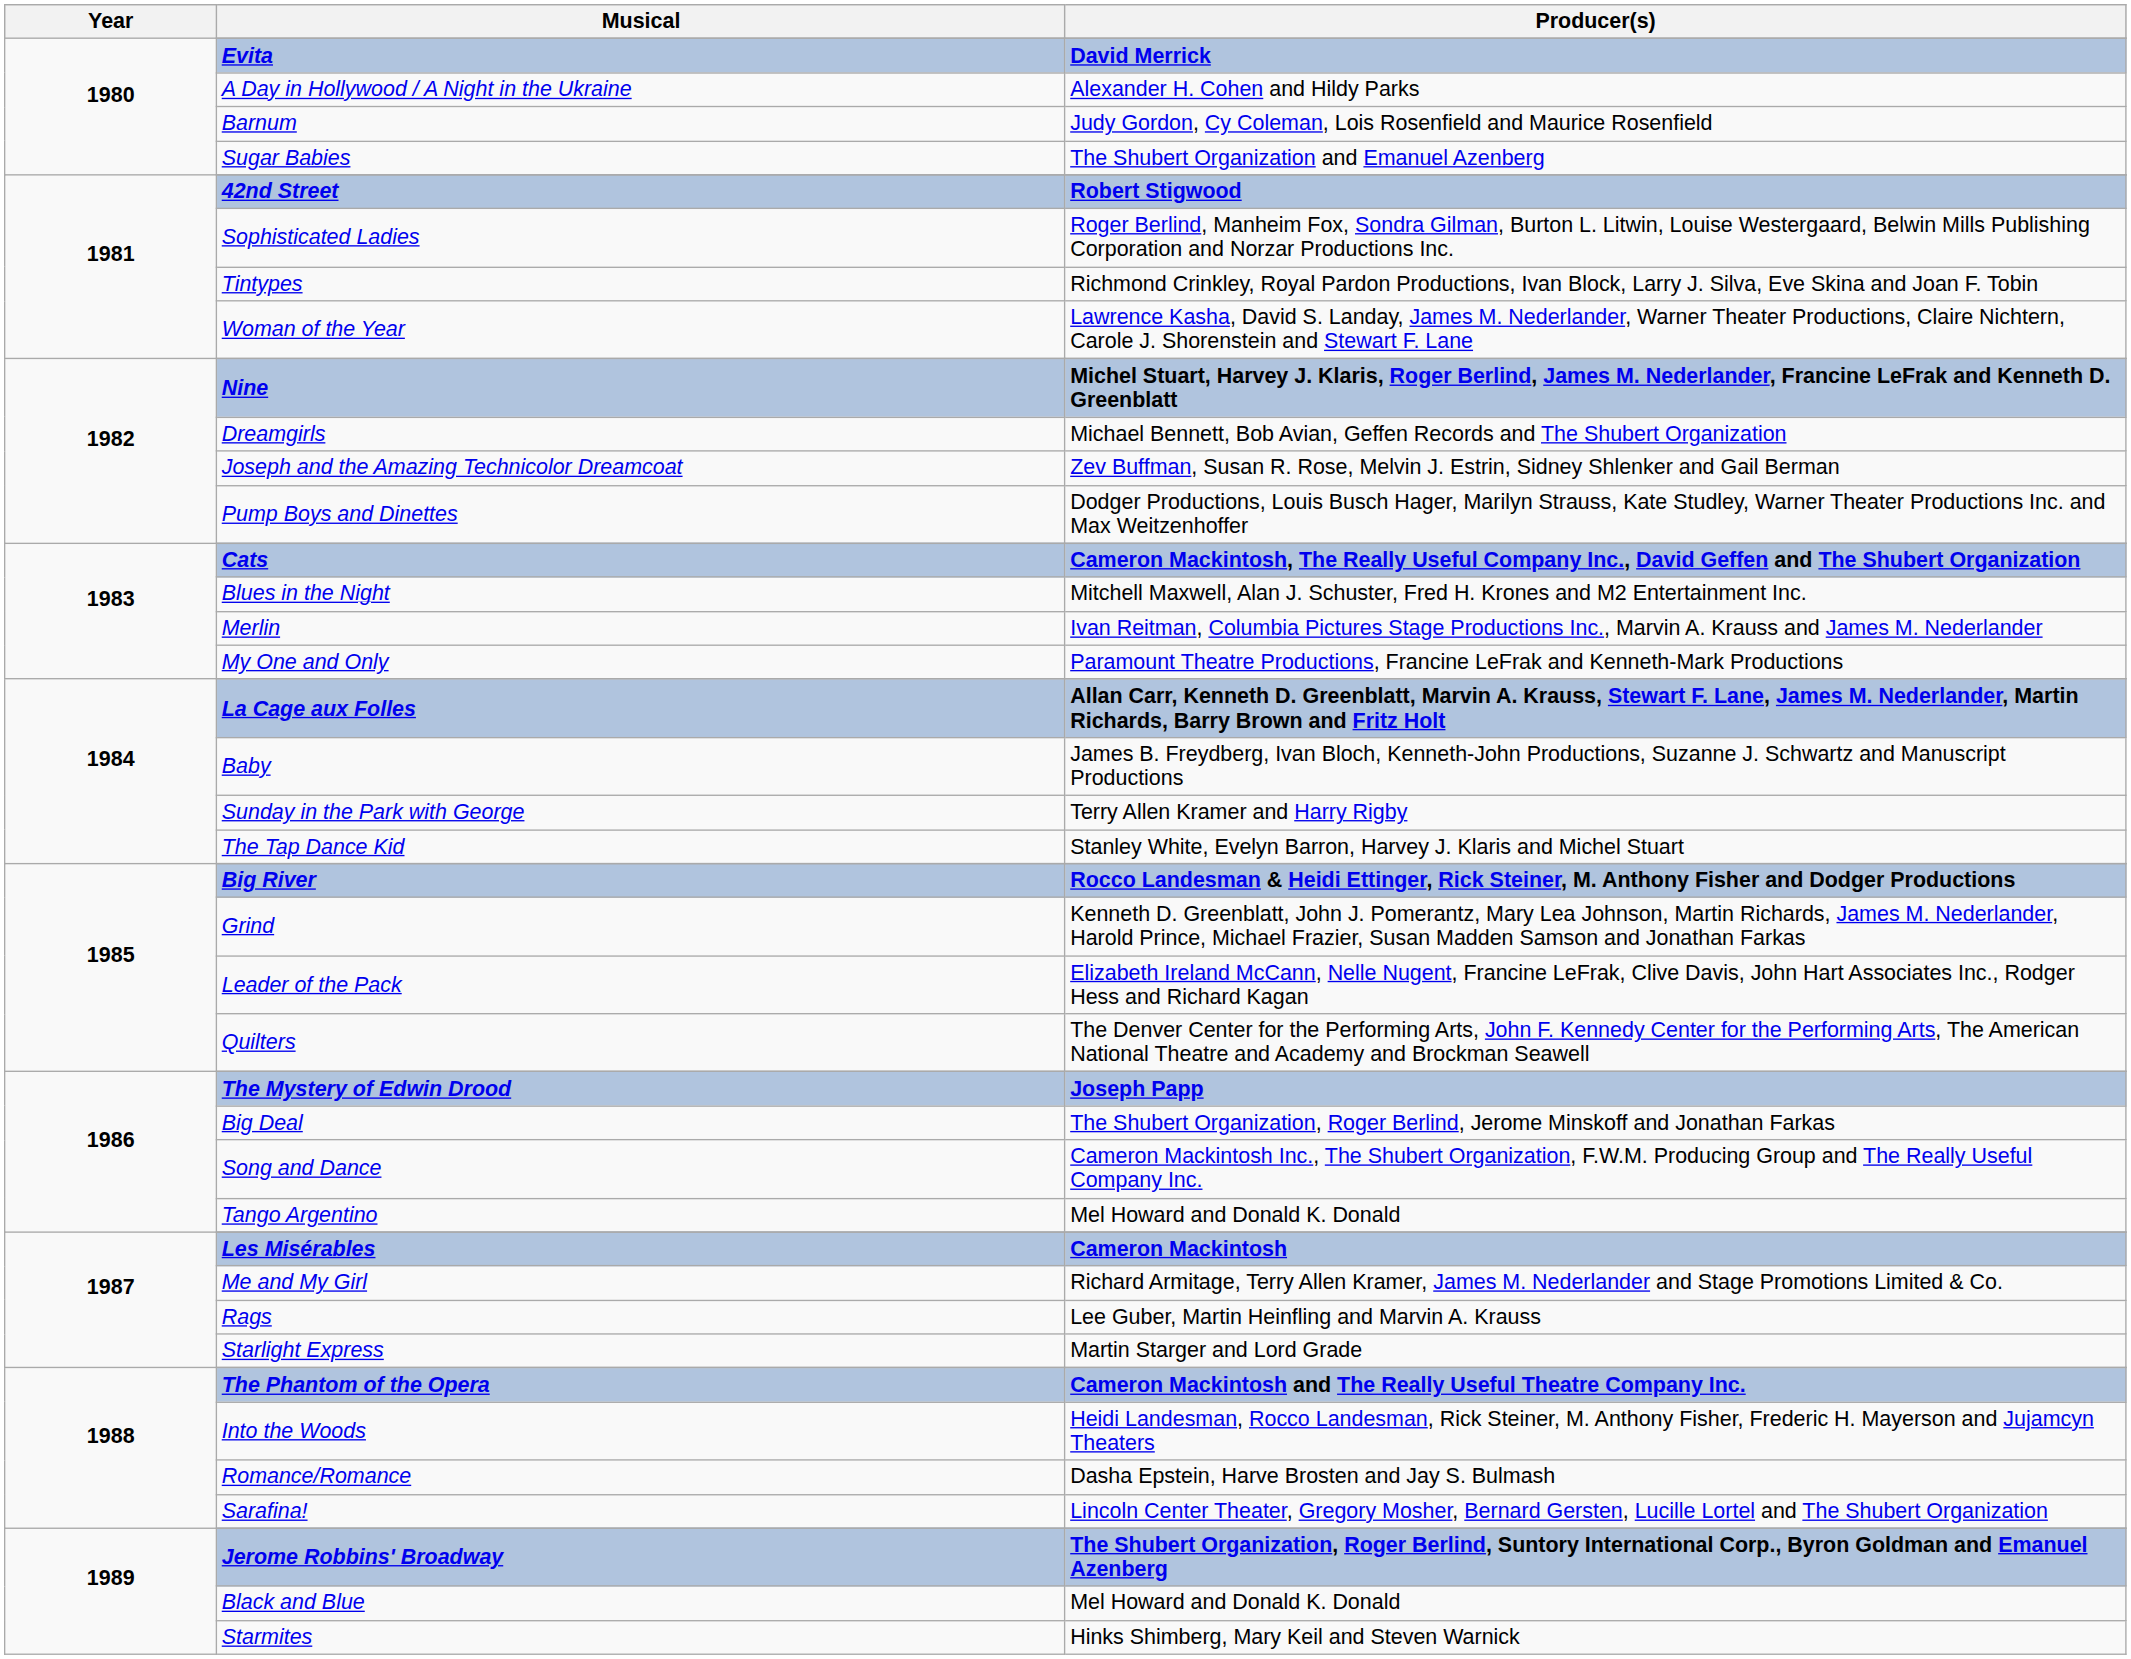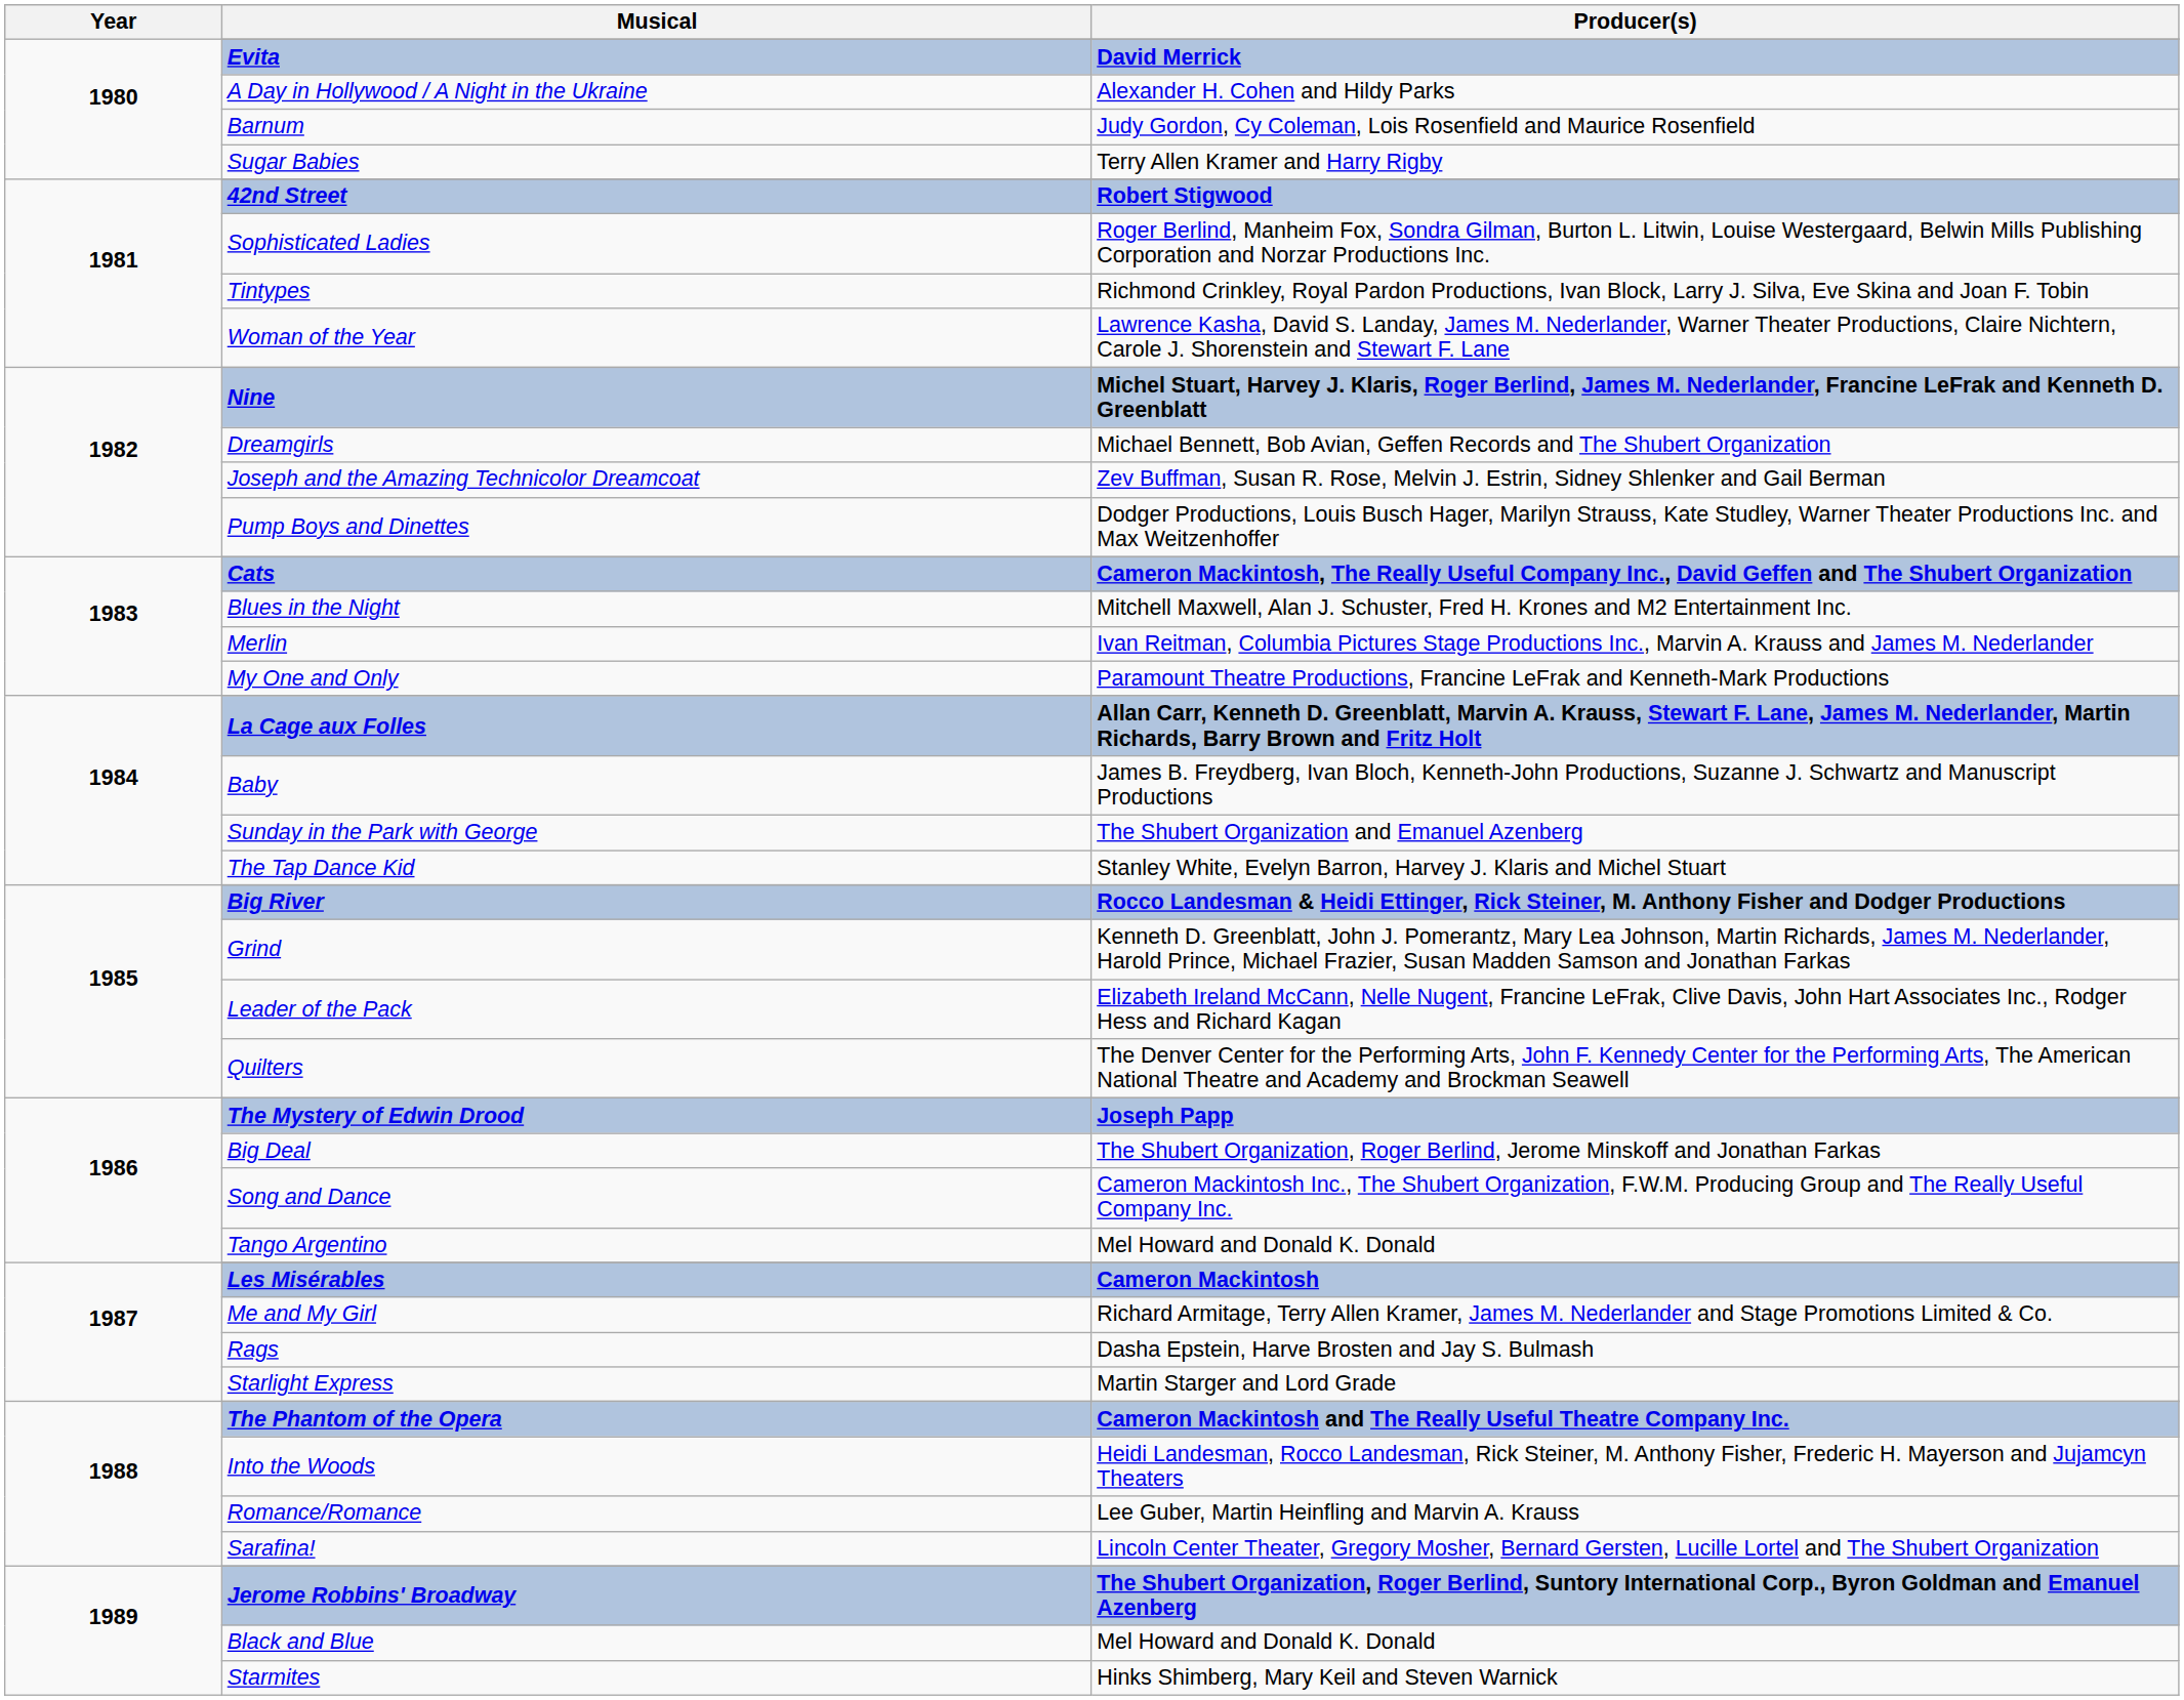 <table class="wikitable" style="width:100%;">
 <tr style="background:#bebebe;">
 <th style="width:10%;">Year</th>
 <th style="width:40%;">Musical</th>
 <th style="width:50%;">Producer(s)</th>
 </tr>
 <tr>
 <td rowspan="5" align="center"><strong>1980</strong><br><br></td>
 </tr>
 <tr style="background:#B0C4DE">
 <td><em><a href='#'><strong>Evita</strong></a></em><br><strong></strong></td>
 <td><strong><a href='#'>David Merrick</a></strong></td>
 </tr>
 <tr>
 <td><em><a href='#'>A Day in Hollywood / A Night in the Ukraine</a></em><br></td>
 <td><a href='#'>Alexander H. Cohen</a> and Hildy Parks</td>
 </tr>
 <tr>
 <td><em><a href='#'>Barnum</a></em><br></td>
 <td><a href='#'>Judy Gordon</a>, <a href='#'>Cy Coleman</a>, Lois Rosenfield and Maurice Rosenfield</td>
 </tr>
 <tr>
 <td><em><a href='#'>Sugar Babies</a></em><br></td>
-<td><a href='#'>The Shubert Organization</a> and <a href='#'>Emanuel Azenberg</a></td>
+<td>Terry Allen Kramer and <a href='#'>Harry Rigby</a></td>
 </tr>
 <tr>
 <td rowspan="5" align="center"><strong>1981</strong><br><br></td>
 </tr>
 <tr style="background:#B0C4DE">
 <td><em><a href='#'><strong>42nd Street</strong></a></em><br><strong></strong></td>
 <td><strong><a href='#'>Robert Stigwood</a></strong></td>
 </tr>
 <tr>
 <td><em><a href='#'>Sophisticated Ladies</a></em><br></td>
 <td><a href='#'>Roger Berlind</a>, Manheim Fox, <a href='#'>Sondra Gilman</a>, Burton L. Litwin, Louise Westergaard, Belwin Mills Publishing Corporation and Norzar Productions Inc.</td>
 </tr>
 <tr>
 <td><em><a href='#'>Tintypes</a></em><br></td>
 <td>Richmond Crinkley, Royal Pardon Productions, Ivan Block, Larry J. Silva, Eve Skina and Joan F. Tobin</td>
 </tr>
 <tr>
 <td><em><a href='#'>Woman of the Year</a></em><br></td>
 <td><a href='#'>Lawrence Kasha</a>, David S. Landay, <a href='#'>James M. Nederlander</a>, Warner Theater Productions, Claire Nichtern, Carole J. Shorenstein and <a href='#'>Stewart F. Lane</a></td>
 </tr>
 <tr>
 <td rowspan="5" align="center"><strong>1982</strong><br><br></td>
 </tr>
 <tr style="background:#B0C4DE">
 <td><em><a href='#'><strong>Nine</strong></a></em><br><strong></strong></td>
 <td><strong>Michel Stuart, Harvey J. Klaris, <a href='#'>Roger Berlind</a>, <a href='#'>James M. Nederlander</a>, Francine LeFrak and Kenneth D. Greenblatt</strong></td>
 </tr>
 <tr>
 <td><em><a href='#'>Dreamgirls</a></em><br></td>
 <td>Michael Bennett, Bob Avian, Geffen Records and <a href='#'>The Shubert Organization</a></td>
 </tr>
 <tr>
 <td><em><a href='#'>Joseph and the Amazing Technicolor Dreamcoat</a></em><br></td>
 <td><a href='#'>Zev Buffman</a>, Susan R. Rose, Melvin J. Estrin, Sidney Shlenker and Gail Berman</td>
 </tr>
 <tr>
 <td><em><a href='#'>Pump Boys and Dinettes</a></em><br></td>
 <td>Dodger Productions, Louis Busch Hager, Marilyn Strauss, Kate Studley, Warner Theater Productions Inc. and Max Weitzenhoffer</td>
 </tr>
 <tr>
 <td rowspan="5" align="center"><strong>1983</strong><br><br></td>
 </tr>
 <tr style="background:#B0C4DE">
 <td><em><a href='#'><strong>Cats</strong></a></em><br><strong></strong></td>
 <td><strong><a href='#'>Cameron Mackintosh</a>, <a href='#'>The Really Useful Company Inc.</a>, <a href='#'>David Geffen</a> and <a href='#'>The Shubert Organization</a></strong></td>
 </tr>
 <tr>
 <td><em><a href='#'>Blues in the Night</a></em><br></td>
 <td>Mitchell Maxwell, Alan J. Schuster, Fred H. Krones and M2 Entertainment Inc.</td>
 </tr>
 <tr>
 <td><em><a href='#'>Merlin</a></em><br></td>
 <td><a href='#'>Ivan Reitman</a>, <a href='#'>Columbia Pictures Stage Productions Inc.</a>, Marvin A. Krauss and <a href='#'>James M. Nederlander</a></td>
 </tr>
 <tr>
 <td><em><a href='#'>My One and Only</a></em><br></td>
 <td><a href='#'>Paramount Theatre Productions</a>, Francine LeFrak and Kenneth-Mark Productions</td>
 </tr>
 <tr>
 <td rowspan="5" align="center"><strong>1984</strong><br><br></td>
 </tr>
 <tr style="background:#B0C4DE">
 <td><em><a href='#'><strong>La Cage aux Folles</strong></a></em><br><strong></strong></td>
 <td><strong>Allan Carr, Kenneth D. Greenblatt, Marvin A. Krauss, <a href='#'>Stewart F. Lane</a>, <a href='#'>James M. Nederlander</a>, Martin Richards, Barry Brown and <a href='#'>Fritz Holt</a></strong></td>
 </tr>
 <tr>
 <td><em><a href='#'>Baby</a></em><br></td>
 <td>James B. Freydberg, Ivan Bloch, Kenneth-John Productions, Suzanne J. Schwartz and Manuscript Productions</td>
 </tr>
 <tr>
 <td><em><a href='#'>Sunday in the Park with George</a></em> <br></td>
-<td>Terry Allen Kramer and <a href='#'>Harry Rigby</a></td>
+<td><a href='#'>The Shubert Organization</a> and <a href='#'>Emanuel Azenberg</a></td>
 </tr>
 <tr>
 <td><em><a href='#'>The Tap Dance Kid</a></em><br></td>
 <td>Stanley White, Evelyn Barron, Harvey J. Klaris and Michel Stuart</td>
 </tr>
 <tr>
 <td rowspan="5" align="center"><strong>1985</strong><br><br></td>
 </tr>
 <tr style="background:#B0C4DE">
 <td><em><a href='#'><strong>Big River</strong></a></em><br><strong></strong></td>
 <td><strong><a href='#'>Rocco Landesman</a> & <a href='#'>Heidi Ettinger</a>, <a href='#'>Rick Steiner</a>, M. Anthony Fisher and Dodger Productions</strong></td>
 </tr>
 <tr>
 <td><em><a href='#'>Grind</a></em><br></td>
 <td>Kenneth D. Greenblatt, John J. Pomerantz, Mary Lea Johnson, Martin Richards, <a href='#'>James M. Nederlander</a>, Harold Prince, Michael Frazier, Susan Madden Samson and Jonathan Farkas</td>
 </tr>
 <tr>
 <td><em><a href='#'>Leader of the Pack</a></em><br></td>
 <td><a href='#'>Elizabeth Ireland McCann</a>, <a href='#'>Nelle Nugent</a>, Francine LeFrak, Clive Davis, John Hart Associates Inc., Rodger Hess and Richard Kagan</td>
 </tr>
 <tr>
 <td><em><a href='#'>Quilters</a></em><br></td>
 <td>The Denver Center for the Performing Arts, <a href='#'>John F. Kennedy Center for the Performing Arts</a>, The American National Theatre and Academy and Brockman Seawell</td>
 </tr>
 <tr>
 <td rowspan="5" align="center"><strong>1986</strong><br><br></td>
 </tr>
 <tr style="background:#B0C4DE">
 <td><em><a href='#'><strong>The Mystery of Edwin Drood</strong></a></em><br><strong></strong></td>
 <td><strong><a href='#'>Joseph Papp</a></strong></td>
 </tr>
 <tr>
 <td><em><a href='#'>Big Deal</a></em><br></td>
 <td><a href='#'>The Shubert Organization</a>, <a href='#'>Roger Berlind</a>, Jerome Minskoff and Jonathan Farkas</td>
 </tr>
 <tr>
 <td><em><a href='#'>Song and Dance</a></em><br></td>
 <td><a href='#'>Cameron Mackintosh Inc.</a>, <a href='#'>The Shubert Organization</a>, F.W.M. Producing Group and <a href='#'>The Really Useful Company Inc.</a></td>
 </tr>
 <tr>
 <td><a href='#'><em>Tango Argentino</em></a><br></td>
 <td>Mel Howard and Donald K. Donald</td>
 </tr>
 <tr>
 <td rowspan="5" align="center"><strong>1987</strong><br><br></td>
 </tr>
 <tr style="background:#B0C4DE">
 <td><em><a href='#'><strong>Les Misérables</strong></a></em><br><strong></strong></td>
 <td><strong><a href='#'>Cameron Mackintosh</a></strong></td>
 </tr>
 <tr>
 <td><em><a href='#'>Me and My Girl</a></em><br></td>
 <td>Richard Armitage, Terry Allen Kramer, <a href='#'>James M. Nederlander</a> and Stage Promotions Limited & Co.</td>
 </tr>
 <tr>
 <td><em><a href='#'>Rags</a></em><br></td>
-<td>Lee Guber, Martin Heinfling and Marvin A. Krauss</td>
+<td>Dasha Epstein, Harve Brosten and Jay S. Bulmash</td>
 </tr>
 <tr>
 <td><em><a href='#'>Starlight Express</a></em><br></td>
 <td>Martin Starger and Lord Grade</td>
 </tr>
 <tr>
 <td rowspan="5" style="text-align:center"><strong>1988</strong><br><br></td>
 </tr>
 <tr style="background:#B0C4DE">
 <td><em><a href='#'><strong>The Phantom of the Opera</strong></a></em><br><strong></strong></td>
 <td><strong><a href='#'>Cameron Mackintosh</a> and <a href='#'>The Really Useful Theatre Company Inc.</a></strong></td>
 </tr>
 <tr>
 <td><em><a href='#'>Into the Woods</a></em><br></td>
 <td><a href='#'>Heidi Landesman</a>, <a href='#'>Rocco Landesman</a>, Rick Steiner, M. Anthony Fisher, Frederic H. Mayerson and <a href='#'>Jujamcyn Theaters</a></td>
 </tr>
 <tr>
 <td><em><a href='#'>Romance/Romance</a></em><br></td>
-<td>Dasha Epstein, Harve Brosten and Jay S. Bulmash</td>
+<td>Lee Guber, Martin Heinfling and Marvin A. Krauss</td>
 </tr>
 <tr>
 <td><em><a href='#'>Sarafina!</a></em><br></td>
 <td><a href='#'>Lincoln Center Theater</a>, <a href='#'>Gregory Mosher</a>, <a href='#'>Bernard Gersten</a>, <a href='#'>Lucille Lortel</a> and <a href='#'>The Shubert Organization</a></td>
 </tr>
 <tr>
 <td rowspan="4" align="center"><strong>1989</strong><br><br></td>
 </tr>
 <tr style="background:#B0C4DE">
 <td><strong><em><a href='#'>Jerome Robbins' Broadway</a></em></strong><br><strong></strong></td>
 <td><strong><a href='#'>The Shubert Organization</a>, <a href='#'>Roger Berlind</a>, Suntory International Corp., Byron Goldman and <a href='#'>Emanuel Azenberg</a></strong></td>
 </tr>
 <tr>
 <td><em><a href='#'>Black and Blue</a></em><br></td>
 <td>Mel Howard and Donald K. Donald</td>
 </tr>
 <tr>
 <td><em><a href='#'>Starmites</a></em><br></td>
 <td>Hinks Shimberg, Mary Keil and Steven Warnick</td>
 </tr>
 </table>
